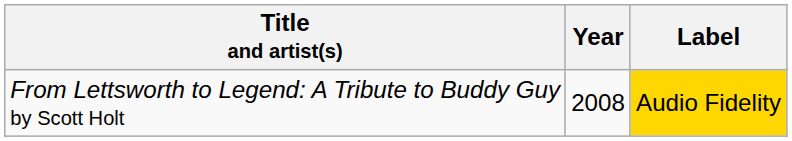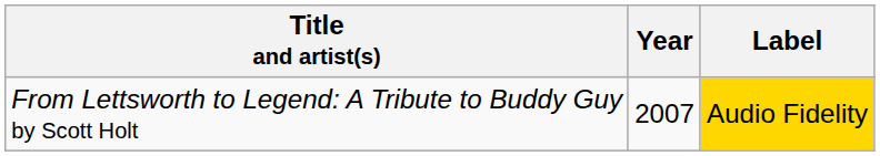 <table class="wikitable">
 <tr>
 <th>Title<br><small>and artist(s)</small></th>
 <th>Year</th>
 <th>Label</th>
 </tr>
 <tr>
 <td><em>From Lettsworth to Legend: A Tribute to Buddy Guy</em><br><small>by Scott Holt</small></td>
-<td>2008</td>
+<td>2007</td>
 <td style="background: gold;">Audio Fidelity</td>
 </tr>
 </table>
